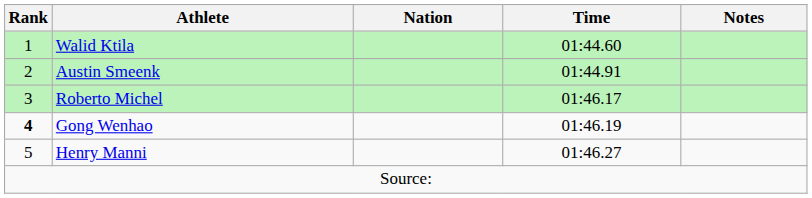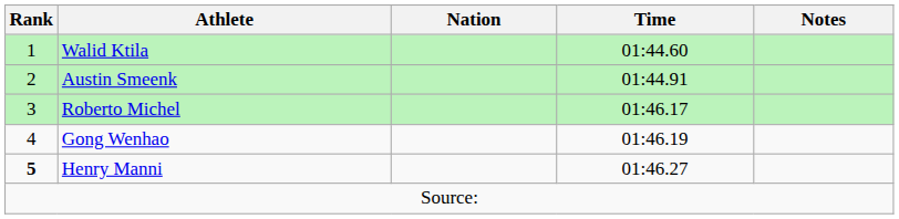 <table class="wikitable sortable" style="text-align:center;width: 60%;">
 <tr>
 <th scope="col" style="width: 10px;">Rank</th>
 <th scope="col">Athlete</th>
 <th scope="col">Nation</th>
 <th scope="col">Time</th>
 <th scope="col">Notes</th>
 </tr>
 <tr bgcolor=bbf3bb>
 <td>1</td>
 <td align=left><a href='#'>Walid Ktila</a></td>
 <td align=left></td>
 <td>01:44.60</td>
 <td></td>
 </tr>
 <tr bgcolor=bbf3bb>
 <td>2</td>
 <td align=left><a href='#'>Austin Smeenk</a></td>
 <td align=left></td>
 <td>01:44.91</td>
 <td></td>
 </tr>
 <tr bgcolor=bbf3bb>
 <td>3</td>
 <td align=left><a href='#'>Roberto Michel</a></td>
 <td align=left></td>
 <td>01:46.17</td>
 <td></td>
 </tr>
 <tr>
-<td><strong>4</strong></td>
+<td>4</td>
 <td align=left><a href='#'>Gong Wenhao</a></td>
 <td align=left></td>
 <td>01:46.19</td>
 <td></td>
 </tr>
 <tr>
-<td>5</td>
+<td><strong>5</strong></td>
 <td align=left><a href='#'>Henry Manni</a></td>
 <td align=left></td>
 <td>01:46.27</td>
 <td></td>
 </tr>
 <tr class="sortbottom">
 <td colspan="5">Source:</td>
 </tr>
 </table>
